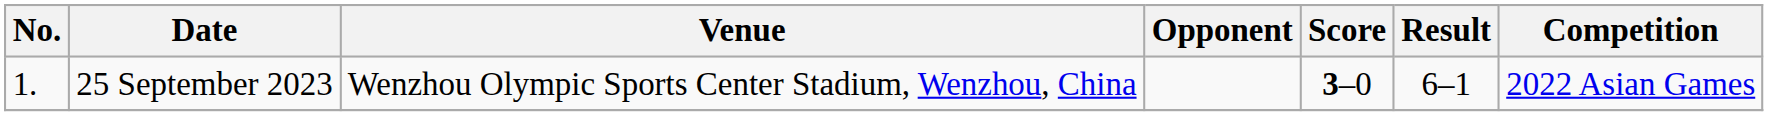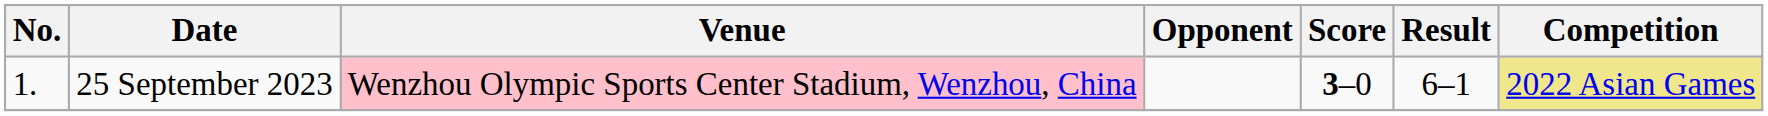 <table class="wikitable">
 <tr>
 <th>No.</th>
 <th>Date</th>
 <th>Venue</th>
 <th>Opponent</th>
 <th>Score</th>
 <th>Result</th>
 <th>Competition</th>
 </tr>
 <tr>
 <td>1.</td>
 <td>25 September 2023</td>
-<td>Wenzhou Olympic Sports Center Stadium, <a href='#'>Wenzhou</a>, <a href='#'>China</a></td>
+<td style="background: pink;">Wenzhou Olympic Sports Center Stadium, <a href='#'>Wenzhou</a>, <a href='#'>China</a></td>
 <td></td>
 <td align=center><strong>3</strong>–0</td>
 <td align=center>6–1</td>
-<td><a href='#'>2022 Asian Games</a></td>
+<td style="background: khaki;"><a href='#'>2022 Asian Games</a></td>
 </tr>
 <tr>
 </tr>
 </table>
